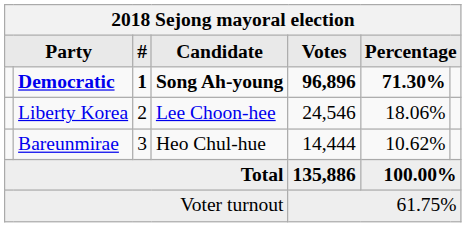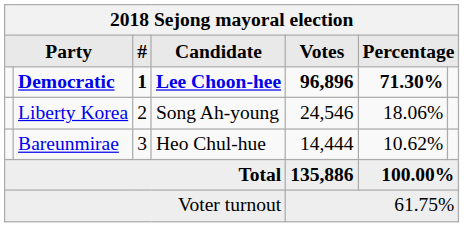 <table class="wikitable">
 <tr>
 <th colspan="7">2018 Sejong mayoral election</th>
 </tr>
 <tr>
 <th style="background-color:#E9E9E9" colspan=2>Party</th>
 <th style="background-color:#E9E9E9">#</th>
 <th style="background-color:#E9E9E9">Candidate</th>
 <th style="background-color:#E9E9E9">Votes</th>
 <th style="background-color:#E9E9E9" colspan=2>Percentage</th>
 </tr>
 <tr style="font-weight:bold">
 <td></td>
 <td align=left><a href='#'>Democratic</a></td>
 <td align=center>1</td>
-<td align=left>Song Ah-young</td>
+<td align=left><a href='#'>Lee Choon-hee</a></td>
 <td align=right>96,896</td>
 <td align=right>71.30%</td>
 <td align=right></td>
 </tr>
 <tr>
 <td></td>
 <td align=left><a href='#'>Liberty Korea</a></td>
 <td align=center>2</td>
-<td align=left><a href='#'>Lee Choon-hee</a></td>
+<td align=left>Song Ah-young</td>
 <td align=right>24,546</td>
 <td align=right>18.06%</td>
 <td align=right></td>
 </tr>
 <tr>
 <td></td>
 <td align=left><a href='#'>Bareunmirae</a></td>
 <td align=center>3</td>
 <td align=left>Heo Chul-hue</td>
 <td align=right>14,444</td>
 <td align=right>10.62%</td>
 <td align=right></td>
 </tr>
 <tr bgcolor="#EEEEEE" style="font-weight:bold">
 <td colspan="4" align=right>Total</td>
 <td align=right>135,886</td>
 <td align=right colspan=2>100.00%</td>
 </tr>
 <tr bgcolor="#EEEEEE">
 <td colspan="4" align="right">Voter turnout</td>
 <td colspan="3" align="right">61.75%</td>
 </tr>
 </table>
